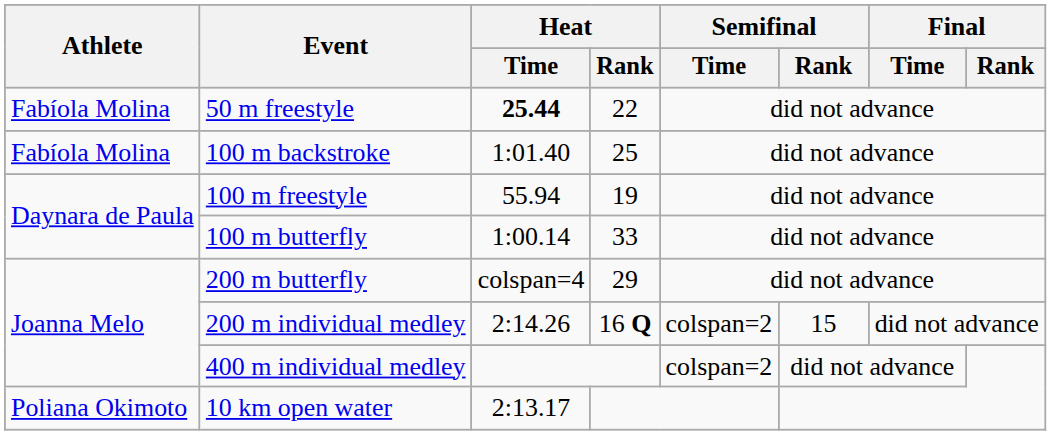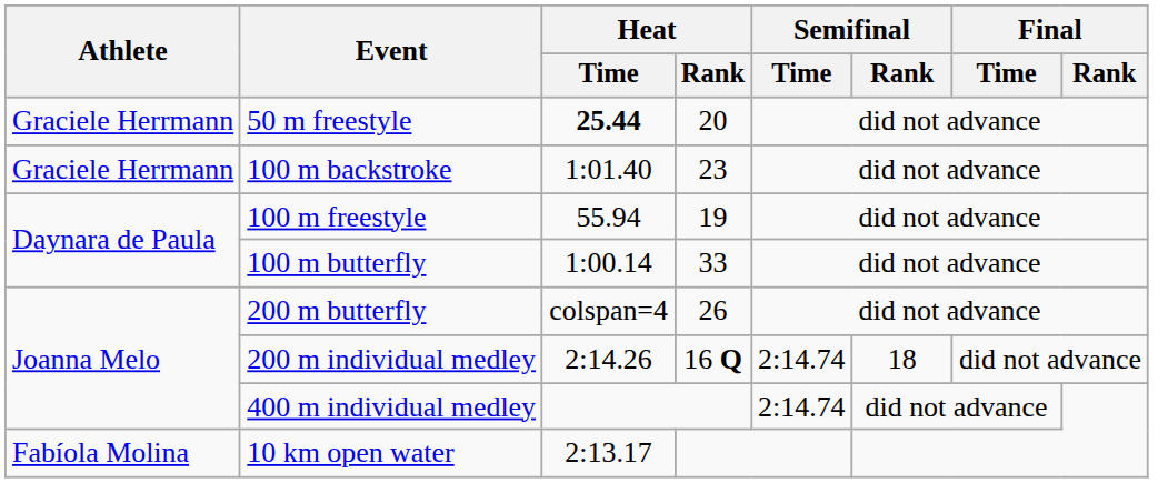 <table class=wikitable style="font-size:90%">
 <tr>
 <th rowspan="2">Athlete</th>
 <th rowspan="2">Event</th>
 <th colspan="2">Heat</th>
 <th colspan="2">Semifinal</th>
 <th colspan="2">Final</th>
 </tr>
 <tr style="font-size:95%">
 <th>Time</th>
 <th>Rank</th>
 <th>Time</th>
 <th>Rank</th>
 <th>Time</th>
 <th>Rank</th>
 </tr>
 <tr align=center>
-<td align=left><a href='#'>Fabíola Molina</a></td>
+<td align=left><a href='#'>Graciele Herrmann</a></td>
 <td align=left><a href='#'>50 m freestyle</a></td>
 <td><strong>25.44</strong></td>
-<td>22</td>
+<td>20</td>
 <td colspan=4>did not advance</td>
 </tr>
 <tr align=center>
-<td align=left><a href='#'>Fabíola Molina</a></td>
+<td align=left><a href='#'>Graciele Herrmann</a></td>
 <td align=left><a href='#'>100 m backstroke</a></td>
 <td>1:01.40</td>
-<td>25</td>
+<td>23</td>
 <td colspan=4>did not advance</td>
 </tr>
 <tr align=center>
 <td align=left rowspan=2><a href='#'>Daynara de Paula</a></td>
 <td align=left><a href='#'>100 m freestyle</a></td>
 <td>55.94</td>
 <td>19</td>
 <td colspan=4>did not advance</td>
 </tr>
 <tr align=center>
 <td align=left><a href='#'>100 m butterfly</a></td>
 <td>1:00.14</td>
 <td>33</td>
 <td colspan=4>did not advance</td>
 </tr>
 <tr align=center>
 <td align=left rowspan=3><a href='#'>Joanna Melo</a></td>
 <td align=left><a href='#'>200 m butterfly</a></td>
 <td>colspan=4 </td>
-<td>29</td>
+<td>26</td>
 <td colspan=4>did not advance</td>
 </tr>
 <tr align=center>
 <td align=left><a href='#'>200 m individual medley</a></td>
 <td>2:14.26</td>
 <td>16 <strong>Q</strong></td>
-<td>colspan=2 </td>
-<td>15</td>
+<td>2:14.74</td>
+<td>18</td>
 <td colspan=2>did not advance</td>
 </tr>
 <tr align=center>
 <td align=left><a href='#'>400 m individual medley</a></td>
 <td colspan=2></td>
-<td>colspan=2 </td>
+<td>2:14.74</td>
 <td colspan=2>did not advance</td>
 </tr>
 <tr align=center>
-<td align=left><a href='#'>Poliana Okimoto</a></td>
+<td align=left><a href='#'>Fabíola Molina</a></td>
 <td align=left><a href='#'>10 km open water</a></td>
 <td>2:13.17</td>
 <td colspan=2></td>
 </tr>
 </table>
